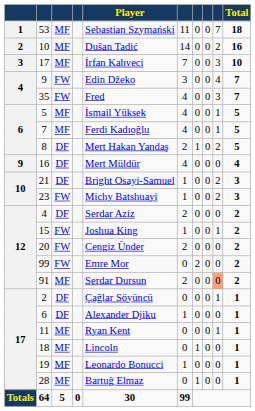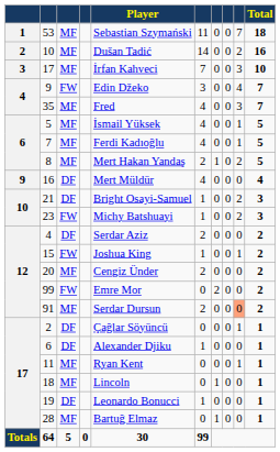 <table class="wikitable" style="text-align:center">
 <tr>
 <th style="background:#163962; color:#FFF000; "></th>
 <th style="background:#163962; color:#FFF000; "></th>
 <th style="background:#163962; color:#FFF000; "></th>
 <th style="background:#163962; color:#FFF000; "></th>
 <th style="background:#163962; color:#FFF000; ">Player</th>
 <th style="background:#163962; color:#FFF000; "></th>
 <th style="background:#163962; color:#FFF000; "></th>
 <th style="background:#163962; color:#FFF000; "></th>
 <th style="background:#163962; color:#FFF000; "></th>
 <th style="background:#163962; color:#FFF000; ">Total</th>
 </tr>
 <tr>
 <th>1</th>
 <td>53</td>
 <td><a href='#'>MF</a></td>
 <td></td>
 <td align=left><a href='#'>Sebastian Szymański</a></td>
 <td>11</td>
 <td>0</td>
 <td>0</td>
 <td>7</td>
 <td><strong>18</strong></td>
 </tr>
 <tr>
 <th>2</th>
 <td>10</td>
 <td><a href='#'>MF</a></td>
 <td></td>
 <td align=left><a href='#'>Dušan Tadić</a></td>
 <td>14</td>
 <td>0</td>
 <td>0</td>
 <td>2</td>
 <td><strong>16</strong></td>
 </tr>
 <tr>
 <th>3</th>
 <td>17</td>
 <td><a href='#'>MF</a></td>
 <td></td>
 <td align=left><a href='#'>İrfan Kahveci</a></td>
 <td>7</td>
 <td>0</td>
 <td>0</td>
 <td>3</td>
 <td><strong>10</strong></td>
 </tr>
 <tr>
 <th rowspan="2">4</th>
 <td>9</td>
 <td><a href='#'>FW</a></td>
 <td></td>
 <td align=left><a href='#'>Edin Džeko</a></td>
 <td>3</td>
 <td>0</td>
 <td>0</td>
 <td>4</td>
 <td><strong>7</strong></td>
 </tr>
 <tr>
 <td>35</td>
-<td><a href='#'>FW</a></td>
+<td><a href='#'>MF</a></td>
 <td></td>
 <td align=left><a href='#'>Fred</a></td>
 <td>4</td>
 <td>0</td>
 <td>0</td>
 <td>3</td>
 <td><strong>7</strong></td>
 </tr>
 <tr>
 <th rowspan="3">6</th>
 <td>5</td>
 <td><a href='#'>MF</a></td>
 <td></td>
 <td align=left><a href='#'>İsmail Yüksek</a></td>
 <td>4</td>
 <td>0</td>
 <td>0</td>
 <td>1</td>
 <td><strong>5</strong></td>
 </tr>
 <tr>
 <td>7</td>
 <td><a href='#'>MF</a></td>
 <td></td>
 <td align=left><a href='#'>Ferdi Kadıoğlu</a></td>
 <td>4</td>
 <td>0</td>
 <td>0</td>
 <td>1</td>
 <td><strong>5</strong></td>
 </tr>
 <tr>
 <td>8</td>
-<td><a href='#'>DF</a></td>
+<td><a href='#'>MF</a></td>
 <td></td>
 <td align=left><a href='#'>Mert Hakan Yandaş</a></td>
 <td>2</td>
 <td>1</td>
 <td>0</td>
 <td>2</td>
 <td><strong>5</strong></td>
 </tr>
 <tr>
 <th>9</th>
 <td>16</td>
 <td><a href='#'>DF</a></td>
 <td></td>
 <td align=left><a href='#'>Mert Müldür</a></td>
 <td>4</td>
 <td>0</td>
 <td>0</td>
 <td>0</td>
 <td><strong>4</strong></td>
 </tr>
 <tr>
 <th rowspan="2">10</th>
 <td>21</td>
 <td><a href='#'>DF</a></td>
 <td></td>
 <td align=left><a href='#'>Bright Osayi-Samuel</a></td>
 <td>1</td>
 <td>0</td>
 <td>0</td>
 <td>2</td>
 <td><strong>3</strong></td>
 </tr>
 <tr>
 <td>23</td>
 <td><a href='#'>FW</a></td>
 <td></td>
 <td align=left><a href='#'>Michy Batshuayi</a></td>
 <td>1</td>
 <td>0</td>
 <td>0</td>
 <td>2</td>
 <td><strong>3</strong></td>
 </tr>
 <tr>
 <th rowspan="5">12</th>
 <td>4</td>
 <td><a href='#'>DF</a></td>
 <td></td>
 <td align=left><a href='#'>Serdar Aziz</a></td>
 <td>2</td>
 <td>0</td>
 <td>0</td>
 <td>0</td>
 <td><strong>2</strong></td>
 </tr>
 <tr>
 <td>15</td>
 <td><a href='#'>FW</a></td>
 <td></td>
 <td align=left><a href='#'>Joshua King</a></td>
 <td>1</td>
 <td>0</td>
 <td>0</td>
 <td>1</td>
 <td><strong>2</strong></td>
 </tr>
 <tr>
 <td>20</td>
-<td><a href='#'>FW</a></td>
+<td><a href='#'>MF</a></td>
 <td></td>
 <td align=left><a href='#'>Cengiz Ünder</a></td>
 <td>2</td>
 <td>0</td>
 <td>0</td>
 <td>0</td>
 <td><strong>2</strong></td>
 </tr>
 <tr>
 <td>99</td>
 <td><a href='#'>FW</a></td>
 <td></td>
 <td align=left><a href='#'>Emre Mor</a></td>
 <td>0</td>
 <td>2</td>
 <td>0</td>
 <td>0</td>
 <td><strong>2</strong></td>
 </tr>
 <tr>
 <td>91</td>
 <td><a href='#'>MF</a></td>
 <td></td>
 <td align=left><a href='#'>Serdar Dursun</a></td>
 <td>2</td>
 <td>0</td>
 <td>0</td>
 <td style="background: lightsalmon;">0</td>
 <td><strong>2</strong></td>
 </tr>
 <tr>
 <th rowspan="6">17</th>
 <td>2</td>
 <td><a href='#'>DF</a></td>
 <td></td>
 <td align=left><a href='#'>Çağlar Söyüncü</a></td>
 <td>0</td>
 <td>0</td>
 <td>0</td>
 <td>1</td>
 <td><strong>1</strong></td>
 </tr>
 <tr>
 <td>6</td>
 <td><a href='#'>DF</a></td>
 <td></td>
 <td align=left><a href='#'>Alexander Djiku</a></td>
 <td>1</td>
 <td>0</td>
 <td>0</td>
 <td>0</td>
 <td><strong>1</strong></td>
 </tr>
 <tr>
 <td>11</td>
 <td><a href='#'>MF</a></td>
 <td></td>
 <td align=left><a href='#'>Ryan Kent</a></td>
 <td>0</td>
 <td>0</td>
 <td>0</td>
 <td>1</td>
 <td><strong>1</strong></td>
 </tr>
 <tr>
 <td>18</td>
 <td><a href='#'>MF</a></td>
 <td></td>
 <td align=left><a href='#'>Lincoln</a></td>
 <td>0</td>
 <td>1</td>
 <td>0</td>
 <td>0</td>
 <td><strong>1</strong></td>
 </tr>
 <tr>
 <td>19</td>
-<td><a href='#'>MF</a></td>
+<td><a href='#'>DF</a></td>
 <td></td>
 <td align=left><a href='#'>Leonardo Bonucci</a></td>
 <td>1</td>
 <td>0</td>
 <td>0</td>
 <td>0</td>
 <td><strong>1</strong></td>
 </tr>
 <tr>
 <td>28</td>
 <td><a href='#'>MF</a></td>
 <td></td>
 <td align=left><a href='#'>Bartuğ Elmaz</a></td>
 <td>0</td>
 <td>1</td>
 <td>0</td>
 <td>0</td>
 <td><strong>1</strong></td>
 </tr>
 <tr>
 <td style="background:#163962; color:#FFF000; "><strong>Totals</strong></td>
 <td><strong>64</strong></td>
 <td><strong>5</strong></td>
 <td><strong>0</strong></td>
 <td><strong>30</strong></td>
 <td><strong>99</strong></td>
 </tr>
 </table>
